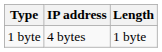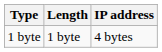 <table class="wikitable">
 <tr>
 <th>Type</th>
+<th>Length</th>
 <th>IP address</th>
-<th>Length</th>
 </tr>
 <tr>
 <td>1 byte</td>
+<td>1 byte</td>
 <td>4 bytes</td>
-<td>1 byte</td>
 </tr>
 </table>
